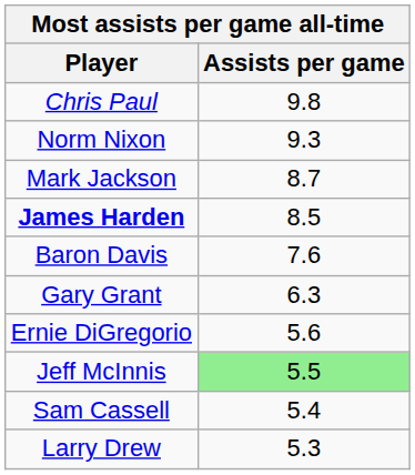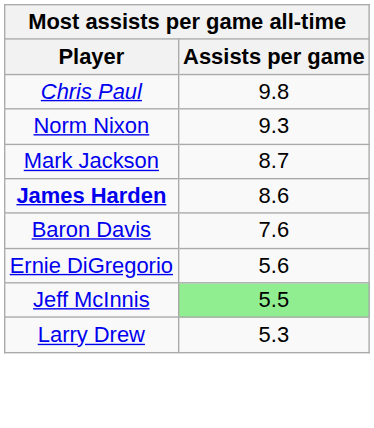 <table class="wikitable sortable" style="text-align:center">
 <tr>
 <th colspan="2">Most assists per game all-time</th>
 </tr>
 <tr>
 <th>Player</th>
 <th>Assists per game</th>
 </tr>
 <tr>
 <td><em><a href='#'>Chris Paul</a></em></td>
 <td>9.8</td>
 </tr>
 <tr>
 <td><a href='#'>Norm Nixon</a></td>
 <td>9.3</td>
 </tr>
 <tr>
 <td><a href='#'>Mark Jackson</a></td>
 <td>8.7</td>
 </tr>
 <tr>
 <td><strong><a href='#'>James Harden</a></strong></td>
-<td>8.5</td>
+<td>8.6</td>
 </tr>
 <tr>
 <td><a href='#'>Baron Davis</a></td>
 <td>7.6</td>
-</tr>
-<tr>
-<td><a href='#'>Gary Grant</a></td>
-<td>6.3</td>
 </tr>
 <tr>
 <td><a href='#'>Ernie DiGregorio</a></td>
 <td>5.6</td>
 </tr>
 <tr>
 <td><a href='#'>Jeff McInnis</a></td>
 <td style="background: lightgreen;">5.5</td>
 </tr>
 <tr>
-<td><a href='#'>Sam Cassell</a></td>
-<td>5.4</td>
-</tr>
-<tr>
 <td><a href='#'>Larry Drew</a></td>
 <td>5.3</td>
 </tr>
 </table>
